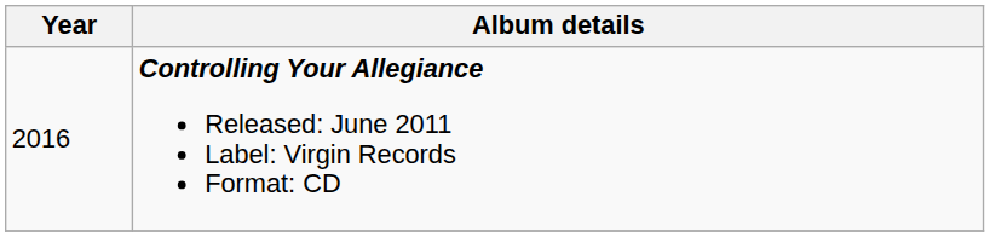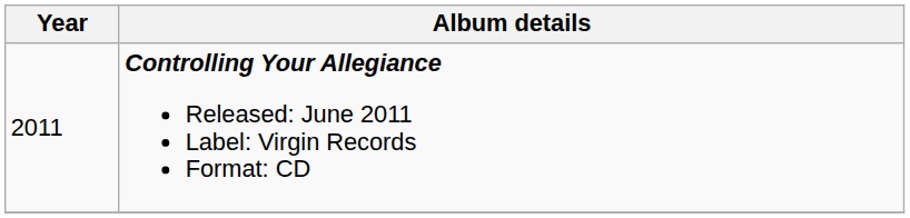 <table class="wikitable" style="width:30%">
 <tr>
 <th width="30">Year</th>
 <th width="280">Album details</th>
 </tr>
 <tr>
-<td>2016</td>
+<td>2011</td>
 <td><strong><em>Controlling Your Allegiance</em></strong><br><ul><li>Released: June 2011</li><li>Label: Virgin Records</li><li>Format: CD</li></ul></td>
 </tr>
 <tr>
 </tr>
 </table>
